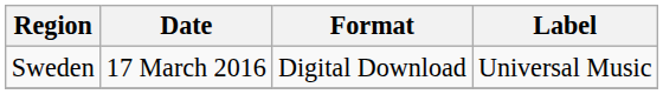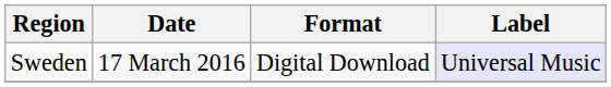 <table class=wikitable>
 <tr>
 <th>Region</th>
 <th>Date</th>
 <th>Format</th>
 <th>Label</th>
 </tr>
 <tr>
 <td>Sweden</td>
 <td>17 March 2016</td>
 <td>Digital Download</td>
-<td>Universal Music</td>
+<td style="background: lavender;">Universal Music</td>
 </tr>
 <tr>
 </tr>
 </table>
